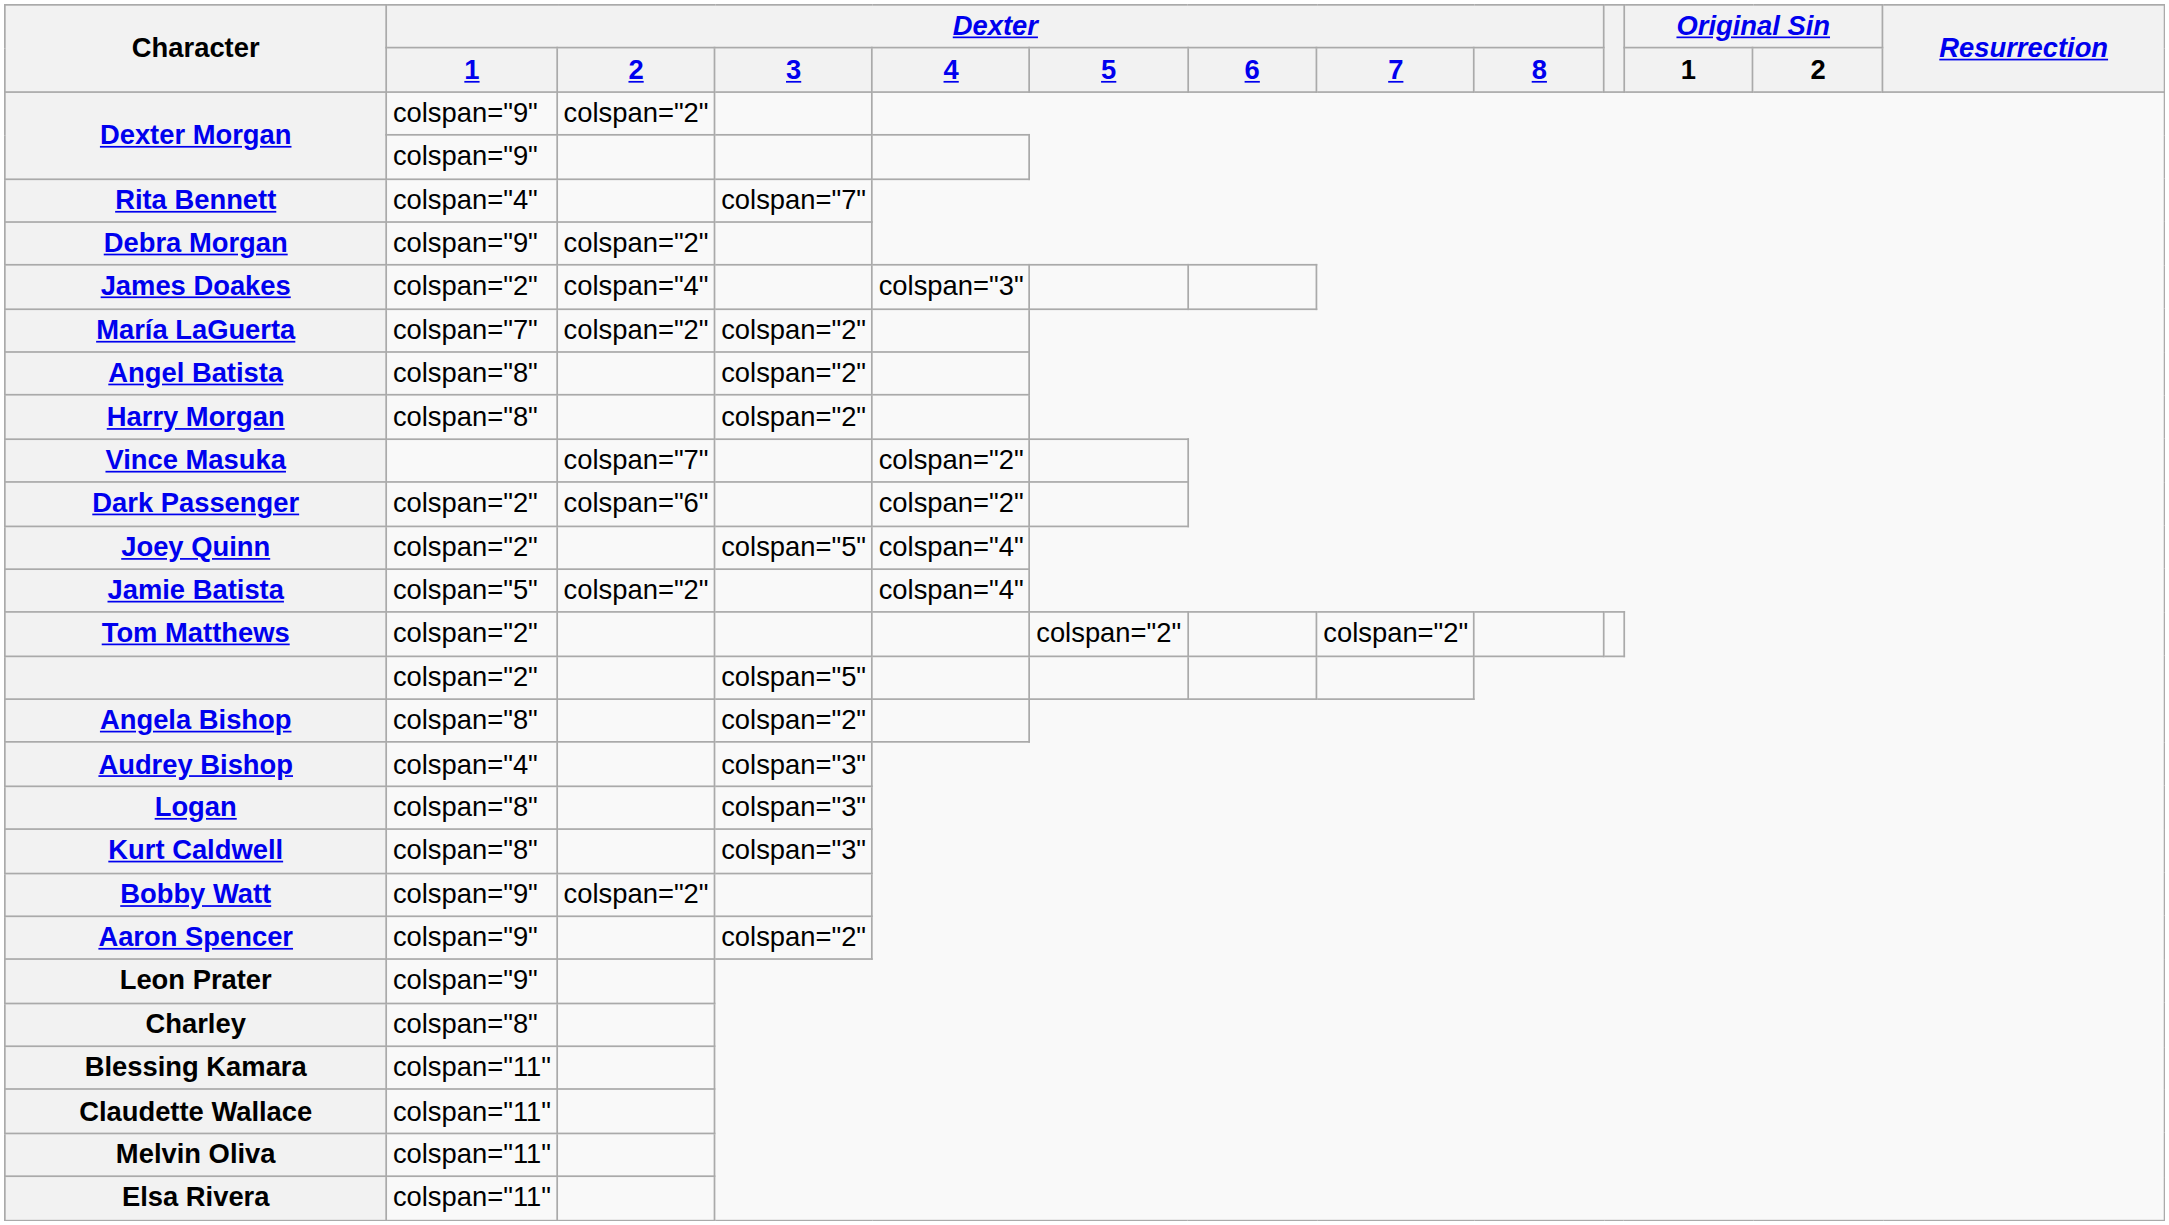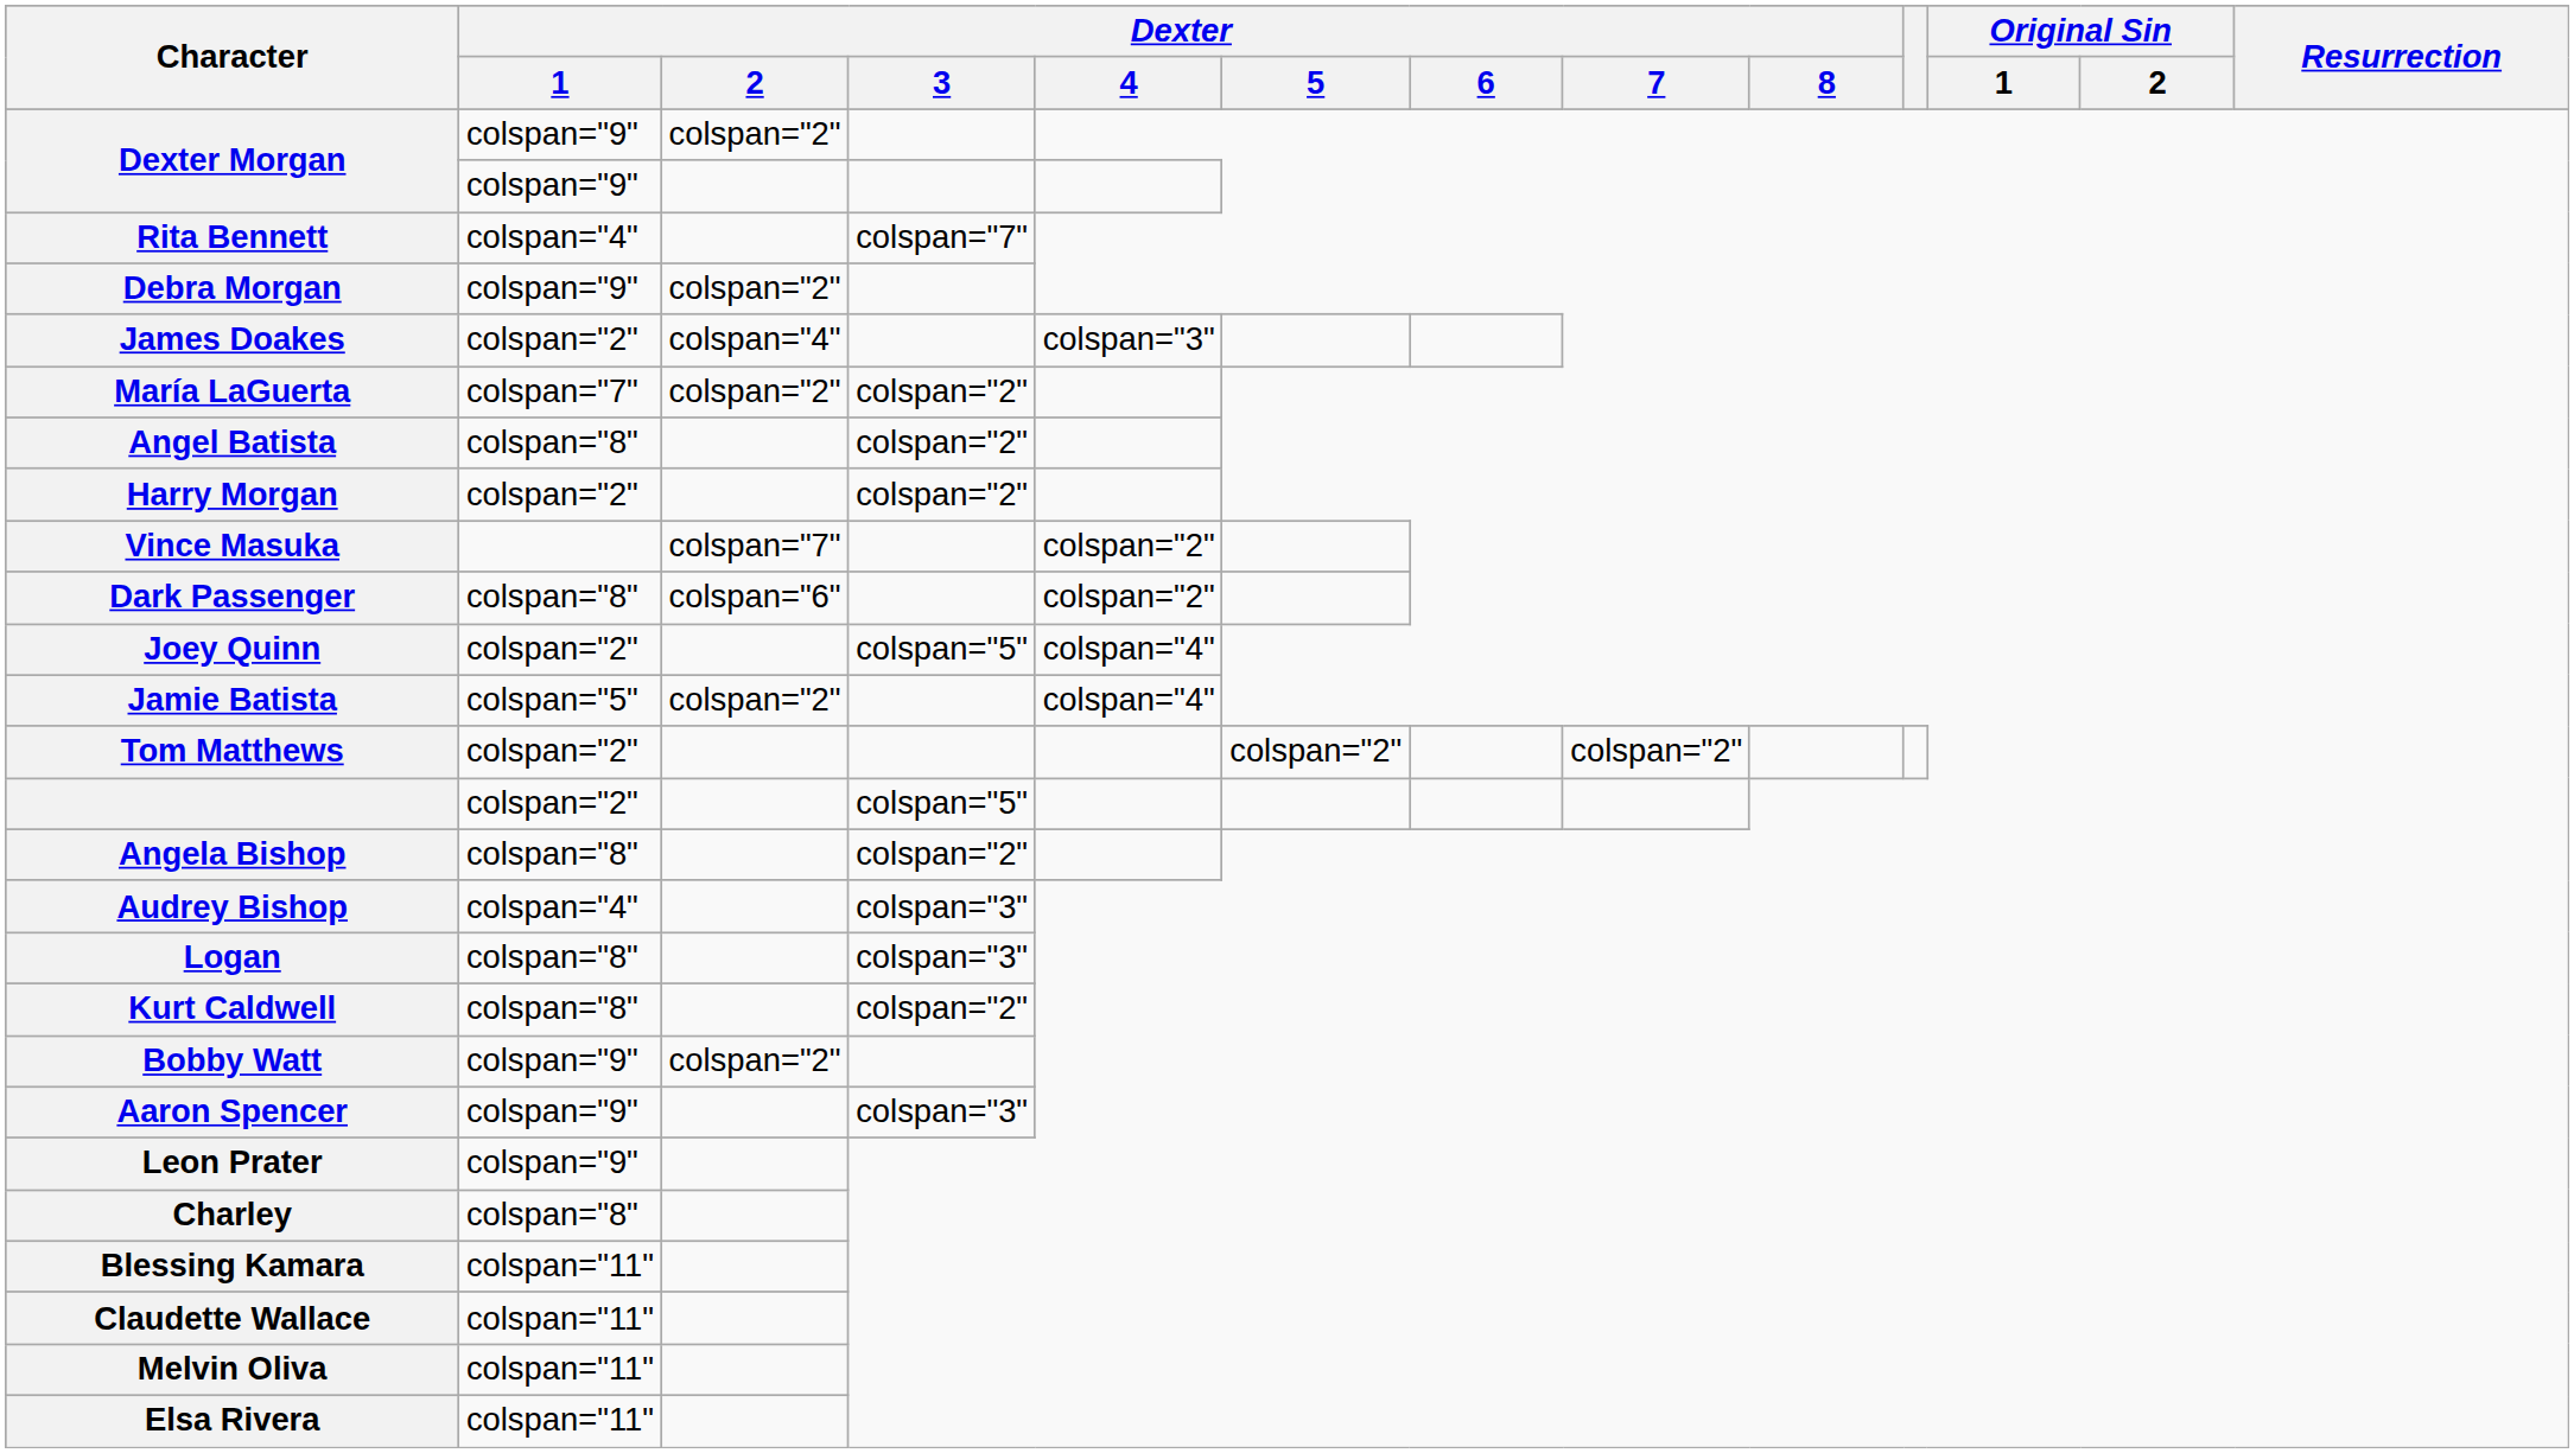 <table class="wikitable" width="100%">
 <tr>
 <th rowspan="2">Character</th>
 <th colspan="8"><em><a href='#'>Dexter</a></em></th>
 <th rowspan="2" scope="col"><em><a href='#'></a></em></th>
 <th colspan="2" scope="col"><em><a href='#'>Original Sin</a></em></th>
 <th rowspan="2" scope="col"><em><a href='#'>Resurrection</a></em></th>
 </tr>
 <tr>
 <th width="6%" scope="col"><a href='#'>1</a></th>
 <th width="6%" scope="col"><a href='#'>2</a></th>
 <th width="6%" scope="col"><a href='#'>3</a></th>
 <th width="6%" scope="col"><a href='#'>4</a></th>
 <th width="6%" scope="col"><a href='#'>5</a></th>
 <th width="6%" scope="col"><a href='#'>6</a></th>
 <th width="6%" scope="col"><a href='#'>7</a></th>
 <th width="6%" scope="col"><a href='#'>8</a></th>
 <th width="6%" scope="col">1</th>
 <th width="6%" scope="col">2</th>
 </tr>
 <tr>
 <th rowspan="2"><a href='#'>Dexter Morgan</a></th>
 <td>colspan="9" </td>
 <td>colspan="2" </td>
 <td></td>
 </tr>
 <tr>
 <td>colspan="9" </td>
 <td></td>
 <td></td>
 <td></td>
 </tr>
 <tr>
 <th><a href='#'>Rita Bennett</a></th>
 <td>colspan="4" </td>
 <td></td>
 <td>colspan="7" </td>
 </tr>
 <tr>
 <th><a href='#'>Debra Morgan</a></th>
 <td>colspan="9" </td>
 <td>colspan="2" </td>
 <td></td>
 </tr>
 <tr>
 <th><a href='#'>James Doakes</a></th>
 <td>colspan="2" </td>
 <td>colspan="4" </td>
 <td></td>
 <td>colspan="3" </td>
 <td></td>
 <td></td>
 </tr>
 <tr>
 <th><a href='#'>María LaGuerta</a></th>
 <td>colspan="7" </td>
 <td>colspan="2" </td>
 <td>colspan="2" </td>
 <td></td>
 </tr>
 <tr>
 <th><a href='#'>Angel Batista</a></th>
 <td>colspan="8" </td>
 <td></td>
 <td>colspan="2" </td>
 <td></td>
 </tr>
 <tr>
 <th><a href='#'>Harry Morgan</a></th>
-<td>colspan="8" </td>
+<td>colspan="2" </td>
 <td></td>
 <td>colspan="2" </td>
 <td></td>
 </tr>
 <tr>
 <th><a href='#'>Vince Masuka</a></th>
 <td></td>
 <td>colspan="7" </td>
 <td></td>
 <td>colspan="2" </td>
 <td></td>
 </tr>
 <tr>
 <th><a href='#'>Dark Passenger</a></th>
-<td>colspan="2" </td>
+<td>colspan="8" </td>
 <td>colspan="6" </td>
 <td></td>
 <td>colspan="2" </td>
 <td></td>
 </tr>
 <tr>
 <th><a href='#'>Joey Quinn</a></th>
 <td>colspan="2" </td>
 <td></td>
 <td>colspan="5" </td>
 <td>colspan="4" </td>
 </tr>
 <tr>
 <th><a href='#'>Jamie Batista</a></th>
 <td>colspan="5" </td>
 <td>colspan="2" </td>
 <td></td>
 <td>colspan="4" </td>
 </tr>
 <tr>
 <th><a href='#'>Tom Matthews</a></th>
 <td>colspan="2" </td>
 <td></td>
 <td></td>
 <td></td>
 <td>colspan="2" </td>
 <td></td>
 <td>colspan="2" </td>
 <td></td>
 <td></td>
 </tr>
 <tr>
 <th><a href='#'></a></th>
 <td>colspan="2" </td>
 <td></td>
 <td>colspan="5" </td>
 <td></td>
 <td></td>
 <td></td>
 <td></td>
 </tr>
 <tr>
 <th><a href='#'>Angela Bishop</a></th>
 <td>colspan="8" </td>
 <td></td>
 <td>colspan="2" </td>
 <td></td>
 </tr>
 <tr>
 <th><a href='#'>Audrey Bishop</a></th>
 <td>colspan="4" </td>
 <td></td>
 <td>colspan="3" </td>
 </tr>
 <tr>
 <th><a href='#'>Logan</a></th>
 <td>colspan="8" </td>
 <td></td>
 <td>colspan="3" </td>
 </tr>
 <tr>
 <th><a href='#'>Kurt Caldwell</a></th>
 <td>colspan="8" </td>
 <td></td>
-<td>colspan="3" </td>
+<td>colspan="2" </td>
 </tr>
 <tr>
 <th><a href='#'>Bobby Watt</a></th>
 <td>colspan="9" </td>
 <td>colspan="2" </td>
 <td></td>
 </tr>
 <tr>
 <th><a href='#'>Aaron Spencer</a></th>
 <td>colspan="9" </td>
 <td></td>
-<td>colspan="2" </td>
+<td>colspan="3" </td>
 </tr>
 <tr>
 <th>Leon Prater</th>
 <td>colspan="9" </td>
 <td></td>
 </tr>
 <tr>
 <th>Charley</th>
 <td>colspan="8" </td>
 <td></td>
 </tr>
 <tr>
 <th>Blessing Kamara</th>
 <td>colspan="11" </td>
 <td></td>
 </tr>
 <tr>
 <th>Claudette Wallace</th>
 <td>colspan="11" </td>
 <td></td>
 </tr>
 <tr>
 <th>Melvin Oliva</th>
 <td>colspan="11" </td>
 <td></td>
 </tr>
 <tr>
 <th>Elsa Rivera</th>
 <td>colspan="11" </td>
 <td></td>
 </tr>
 </table>
